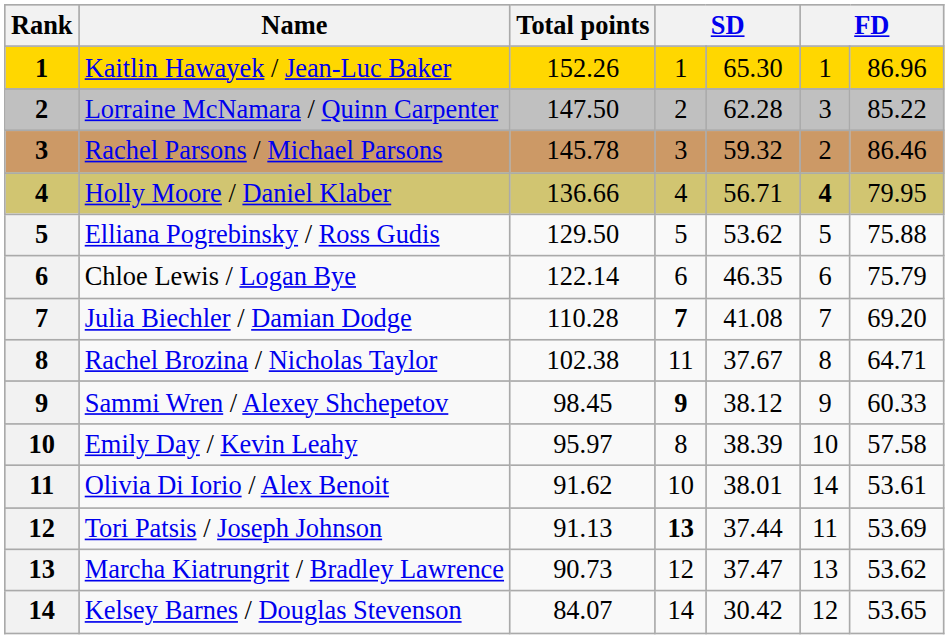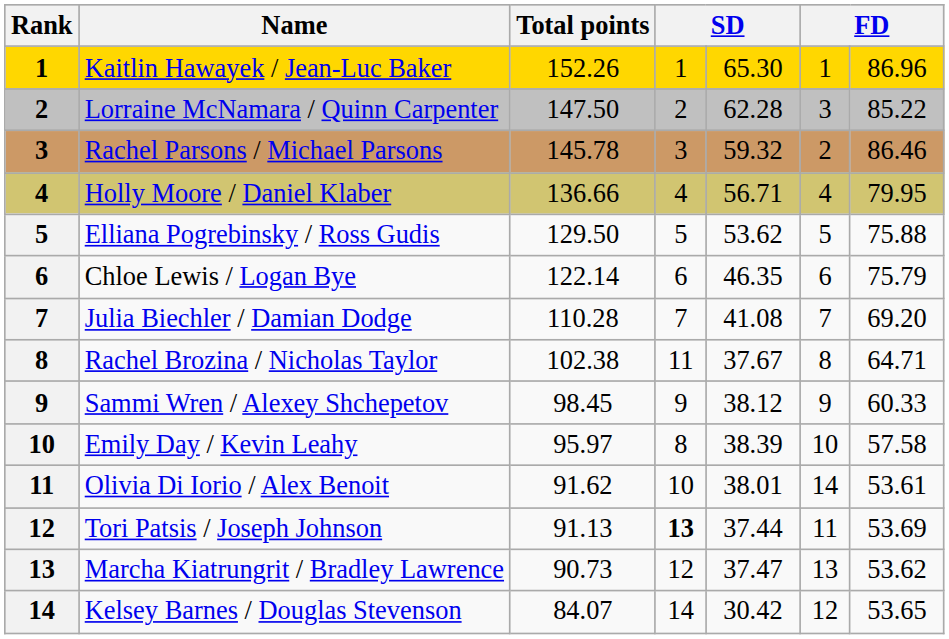 <table class="wikitable sortable">
 <tr>
 <th>Rank</th>
 <th>Name</th>
 <th>Total points</th>
 <th colspan="2" width="80px"><a href='#'>SD</a></th>
 <th colspan="2" width="80px"><a href='#'>FD</a></th>
 </tr>
 <tr bgcolor="gold">
 <td align="center"><strong>1</strong></td>
 <td><a href='#'>Kaitlin Hawayek</a> / <a href='#'>Jean-Luc Baker</a></td>
 <td align="center">152.26</td>
 <td align="center">1</td>
 <td align="center">65.30</td>
 <td align="center">1</td>
 <td align="center">86.96</td>
 </tr>
 <tr bgcolor="silver">
 <td align="center"><strong>2</strong></td>
 <td><a href='#'>Lorraine McNamara</a> / <a href='#'>Quinn Carpenter</a></td>
 <td align="center">147.50</td>
 <td align="center">2</td>
 <td align="center">62.28</td>
 <td align="center">3</td>
 <td align="center">85.22</td>
 </tr>
 <tr bgcolor="cc9966">
 <td align="center"><strong>3</strong></td>
 <td><a href='#'>Rachel Parsons</a> / <a href='#'>Michael Parsons</a></td>
 <td align="center">145.78</td>
 <td align="center">3</td>
 <td align="center">59.32</td>
 <td align="center">2</td>
 <td align="center">86.46</td>
 </tr>
 <tr bgcolor="#d1c571">
 <td align="center"><strong>4</strong></td>
 <td><a href='#'>Holly Moore</a> / <a href='#'>Daniel Klaber</a></td>
 <td align="center">136.66</td>
 <td align="center">4</td>
 <td align="center">56.71</td>
-<td align="center"><strong>4</strong></td>
+<td align="center">4</td>
 <td align="center">79.95</td>
 </tr>
 <tr>
 <th>5</th>
 <td><a href='#'>Elliana Pogrebinsky</a> / <a href='#'>Ross Gudis</a></td>
 <td align="center">129.50</td>
 <td align="center">5</td>
 <td align="center">53.62</td>
 <td align="center">5</td>
 <td align="center">75.88</td>
 </tr>
 <tr>
 <th>6</th>
 <td>Chloe Lewis / <a href='#'>Logan Bye</a></td>
 <td align="center">122.14</td>
 <td align="center">6</td>
 <td align="center">46.35</td>
 <td align="center">6</td>
 <td align="center">75.79</td>
 </tr>
 <tr>
 <th>7</th>
 <td><a href='#'>Julia Biechler</a> / <a href='#'>Damian Dodge</a></td>
 <td align="center">110.28</td>
-<td align="center"><strong>7</strong></td>
+<td align="center">7</td>
 <td align="center">41.08</td>
 <td align="center">7</td>
 <td align="center">69.20</td>
 </tr>
 <tr>
 <th>8</th>
 <td><a href='#'>Rachel Brozina</a> / <a href='#'>Nicholas Taylor</a></td>
 <td align="center">102.38</td>
 <td align="center">11</td>
 <td align="center">37.67</td>
 <td align="center">8</td>
 <td align="center">64.71</td>
 </tr>
 <tr>
 <th>9</th>
 <td><a href='#'>Sammi Wren</a> / <a href='#'>Alexey Shchepetov</a></td>
 <td align="center">98.45</td>
-<td align="center"><strong>9</strong></td>
+<td align="center">9</td>
 <td align="center">38.12</td>
 <td align="center">9</td>
 <td align="center">60.33</td>
 </tr>
 <tr>
 <th>10</th>
 <td><a href='#'>Emily Day</a> / <a href='#'>Kevin Leahy</a></td>
 <td align="center">95.97</td>
 <td align="center">8</td>
 <td align="center">38.39</td>
 <td align="center">10</td>
 <td align="center">57.58</td>
 </tr>
 <tr>
 <th>11</th>
 <td><a href='#'>Olivia Di Iorio</a> / <a href='#'>Alex Benoit</a></td>
 <td align="center">91.62</td>
 <td align="center">10</td>
 <td align="center">38.01</td>
 <td align="center">14</td>
 <td align="center">53.61</td>
 </tr>
 <tr>
 <th>12</th>
 <td><a href='#'>Tori Patsis</a> / <a href='#'>Joseph Johnson</a></td>
 <td align="center">91.13</td>
 <td align="center"><strong>13</strong></td>
 <td align="center">37.44</td>
 <td align="center">11</td>
 <td align="center">53.69</td>
 </tr>
 <tr>
 <th>13</th>
 <td><a href='#'>Marcha Kiatrungrit</a> / <a href='#'>Bradley Lawrence</a></td>
 <td align="center">90.73</td>
 <td align="center">12</td>
 <td align="center">37.47</td>
 <td align="center">13</td>
 <td align="center">53.62</td>
 </tr>
 <tr>
 <th>14</th>
 <td><a href='#'>Kelsey Barnes</a> / <a href='#'>Douglas Stevenson</a></td>
 <td align="center">84.07</td>
 <td align="center">14</td>
 <td align="center">30.42</td>
 <td align="center">12</td>
 <td align="center">53.65</td>
 </tr>
 </table>
